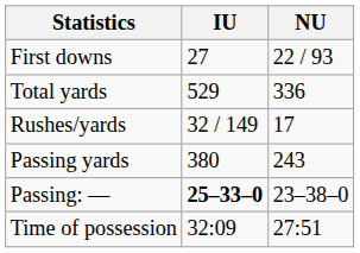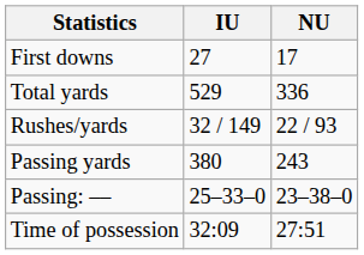 <table class="wikitable" style="float:left">
 <tr>
 <th>Statistics</th>
 <th>IU</th>
 <th>NU</th>
 </tr>
 <tr>
 <td>First downs</td>
 <td>27</td>
-<td>22 / 93</td>
+<td>17</td>
 </tr>
 <tr>
 <td>Total yards</td>
 <td>529</td>
 <td>336</td>
 </tr>
 <tr>
 <td>Rushes/yards</td>
 <td>32 / 149</td>
-<td>17</td>
+<td>22 / 93</td>
 </tr>
 <tr>
 <td>Passing yards</td>
 <td>380</td>
 <td>243</td>
 </tr>
 <tr>
 <td>Passing: ––</td>
-<td><strong>25–33–0</strong></td>
+<td>25–33–0</td>
 <td>23–38–0</td>
 </tr>
 <tr>
 <td>Time of possession</td>
 <td>32:09</td>
 <td>27:51</td>
 </tr>
 </table>
